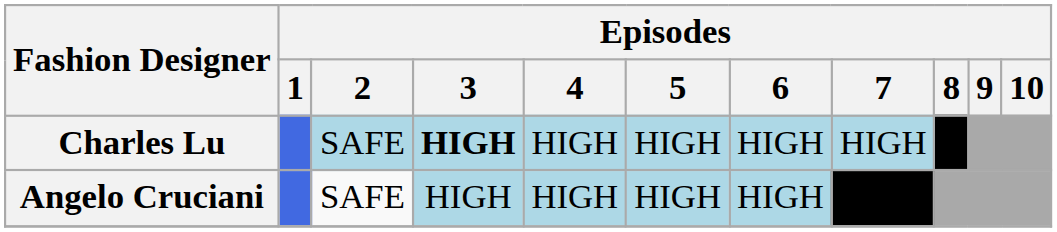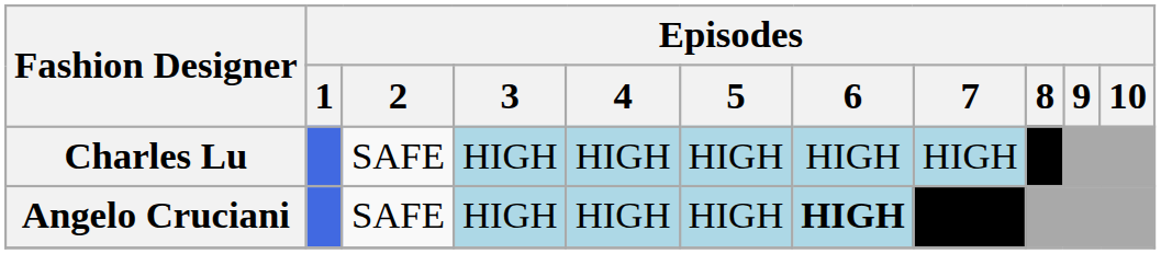 <table class="wikitable" style="text-align:center">
 <tr>
 <th rowspan="2"><strong>Fashion Designer</strong></th>
 <th colspan="10"><strong>Episodes</strong></th>
 </tr>
 <tr>
 <th>1</th>
 <th>2</th>
 <th>3</th>
 <th>4</th>
 <th>5</th>
 <th>6</th>
 <th>7</th>
 <th>8</th>
 <th>9</th>
 <th>10</th>
 </tr>
 <tr>
 <th>Charles Lu</th>
 <td style="background:royalblue;"></td>
-<td style="background: lightblue;">SAFE</td>
-<td style="background:lightblue;"><strong>HIGH</strong></td>
+<td>SAFE</td>
+<td style="background:lightblue;">HIGH</td>
 <td style="background:lightblue;">HIGH</td>
 <td style="background:lightblue;">HIGH</td>
 <td style="background:lightblue;">HIGH</td>
 <td style="background:lightblue;">HIGH</td>
 <td style="background:black;"></td>
 <td style="background:darkgrey;" colspan="2"></td>
 </tr>
 <tr>
 <th>Angelo Cruciani</th>
 <td style="background:royalblue;"></td>
 <td>SAFE</td>
 <td style="background:lightblue;">HIGH</td>
 <td style="background:lightblue;">HIGH</td>
 <td style="background:lightblue;">HIGH</td>
-<td style="background:lightblue;">HIGH</td>
+<td style="background:lightblue;"><strong>HIGH</strong></td>
 <td style="background:black;"></td>
 <td style="background:darkgrey;" colspan="3"></td>
 </tr>
 <tr>
 </tr>
 </table>
